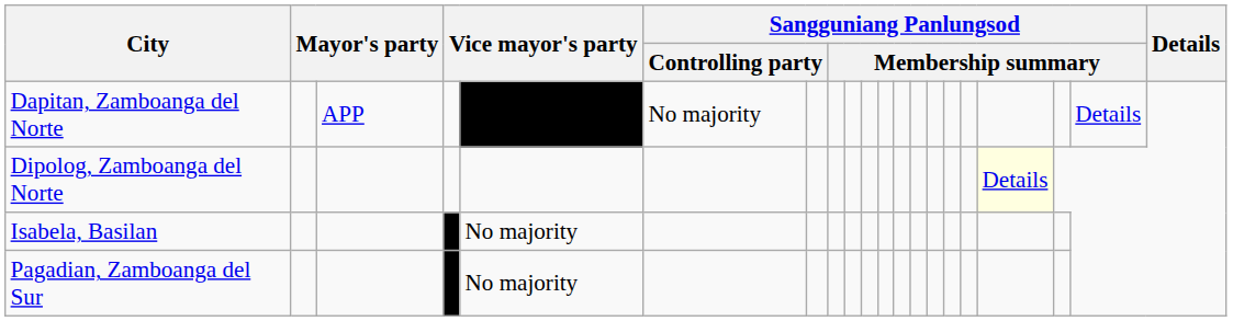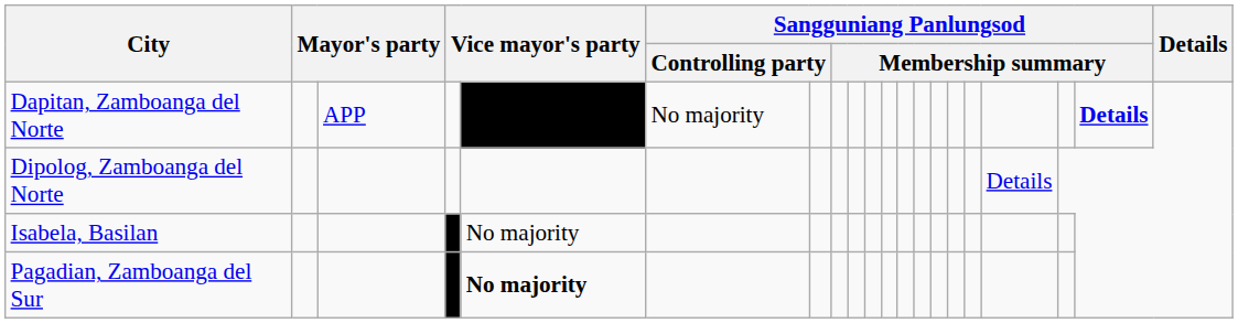 <table class="wikitable" style="font-size:95%;">
 <tr>
 <th width="180px" rowspan="2">City</th>
 <th colspan="2" rowspan="2">Mayor's party</th>
 <th colspan="2" rowspan="2">Vice mayor's party</th>
 <th colspan="14"><a href='#'>Sangguniang Panlungsod</a></th>
 <th rowspan="2">Details</th>
 </tr>
 <tr>
 <th colspan="2">Controlling party</th>
 <th colspan="12">Membership summary</th>
 </tr>
 <tr>
 <td><a href='#'>Dapitan, Zamboanga del Norte</a></td>
 <td></td>
 <td><a href='#'>APP</a></td>
 <td></td>
 <td bgcolor="black"></td>
 <td>No majority</td>
 <td> </td>
 <td> </td>
 <td> </td>
 <td> </td>
 <td> </td>
 <td> </td>
 <td> </td>
 <td> </td>
 <td> </td>
 <td> </td>
 <td> </td>
 <td> </td>
-<td><a href='#'>Details</a></td>
+<td><strong><a href='#'>Details</a></strong></td>
 </tr>
 <tr>
 <td><a href='#'>Dipolog, Zamboanga del Norte</a></td>
 <td></td>
 <td></td>
 <td></td>
 <td style="color:inherit;background:"></td>
 <td style="color:inherit;background:"></td>
 <td style="color:inherit;background:"></td>
 <td style="color:inherit;background:"></td>
 <td style="color:inherit;background:"></td>
 <td style="color:inherit;background:"></td>
 <td style="color:inherit;background:"></td>
 <td style="color:inherit;background:"></td>
 <td style="color:inherit;background:"></td>
 <td style="color:inherit;background:"></td>
 <td style="color:inherit;background:"></td>
 <td style="color:inherit;background:"></td>
-<td style="background: lightyellow;"><a href='#'>Details</a></td>
+<td><a href='#'>Details</a></td>
 </tr>
 <tr>
 <td><a href='#'>Isabela, Basilan</a></td>
 <td></td>
 <td></td>
 <td bgcolor="black"></td>
 <td>No majority</td>
 <td style="color:inherit;background:"></td>
 <td style="color:inherit;background:"></td>
 <td style="color:inherit;background:"></td>
 <td style="color:inherit;background:"></td>
 <td style="color:inherit;background:"></td>
 <td style="color:inherit;background:"></td>
 <td style="color:inherit;background:"></td>
 <td style="color:inherit;background:"></td>
 <td style="color:inherit;background:"></td>
 <td style="color:inherit;background:"></td>
 <td style="color:inherit;background:"></td>
 <td style="color:inherit;background:"></td>
 <td></td>
 </tr>
 <tr>
 <td><a href='#'>Pagadian, Zamboanga del Sur</a></td>
 <td></td>
 <td></td>
 <td bgcolor="black"></td>
-<td>No majority</td>
+<td><strong>No majority</strong></td>
 <td style="color:inherit;background:"></td>
 <td style="color:inherit;background:"></td>
 <td style="color:inherit;background:"></td>
 <td style="color:inherit;background:"></td>
 <td style="color:inherit;background:"></td>
 <td style="color:inherit;background:"></td>
 <td style="color:inherit;background:"></td>
 <td style="color:inherit;background:"></td>
 <td style="color:inherit;background:"></td>
 <td style="color:inherit;background:"></td>
 <td style="color:inherit;background:"></td>
 <td style="color:inherit;background:"></td>
 <td></td>
 </tr>
 </table>
